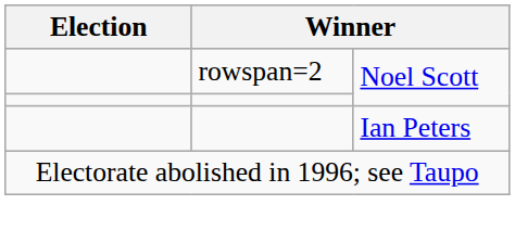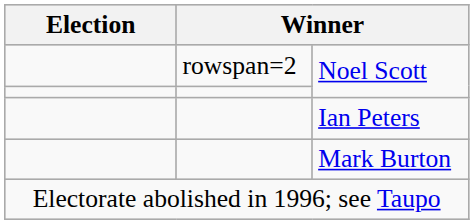 <table class=wikitable>
 <tr>
 <th width=100>Election</th>
 <th width=175 colspan=2>Winner</th>
 </tr>
 <tr>
 <td></td>
 <td>rowspan=2 </td>
 <td rowspan=2><a href='#'>Noel Scott</a></td>
 </tr>
 <tr>
 <td></td>
 </tr>
 <tr>
 <td></td>
 <td></td>
 <td><a href='#'>Ian Peters</a></td>
 </tr>
 <tr>
+<td></td>
+<td></td>
+<td><a href='#'>Mark Burton</a></td>
+</tr>
+<tr>
 <td colspan=3 align=center><span>Electorate abolished in 1996; see <a href='#'>Taupo</a></span></td>
 </tr>
 </table>
